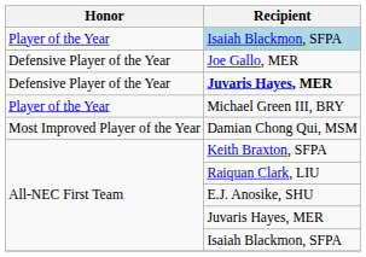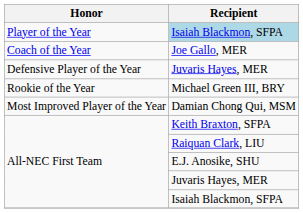 <table class="wikitable" border="1">
 <tr>
 <th>Honor</th>
 <th>Recipient</th>
 </tr>
 <tr>
 <td><a href='#'>Player of the Year</a></td>
 <td style="background: lightblue;"><a href='#'>Isaiah Blackmon</a>, SFPA</td>
 </tr>
 <tr>
-<td>Defensive Player of the Year</td>
+<td><a href='#'>Coach of the Year</a></td>
 <td><a href='#'>Joe Gallo</a>, MER</td>
 </tr>
 <tr>
 <td>Defensive Player of the Year</td>
-<td><strong><a href='#'>Juvaris Hayes</a>, MER</strong></td>
+<td><a href='#'>Juvaris Hayes</a>, MER</td>
 </tr>
 <tr>
-<td><a href='#'>Player of the Year</a></td>
+<td>Rookie of the Year</td>
 <td>Michael Green III, BRY</td>
 </tr>
 <tr>
 <td>Most Improved Player of the Year</td>
 <td>Damian Chong Qui, MSM</td>
 </tr>
 <tr>
 <td rowspan="5" valign="middle">All-NEC First Team</td>
 <td><a href='#'>Keith Braxton</a>, SFPA</td>
 </tr>
 <tr>
 <td><a href='#'>Raiquan Clark</a>, LIU</td>
 </tr>
 <tr>
 <td>E.J. Anosike, SHU</td>
 </tr>
 <tr>
 <td>Juvaris Hayes, MER</td>
 </tr>
 <tr>
 <td>Isaiah Blackmon, SFPA</td>
 </tr>
 <tr>
 </tr>
 </table>
